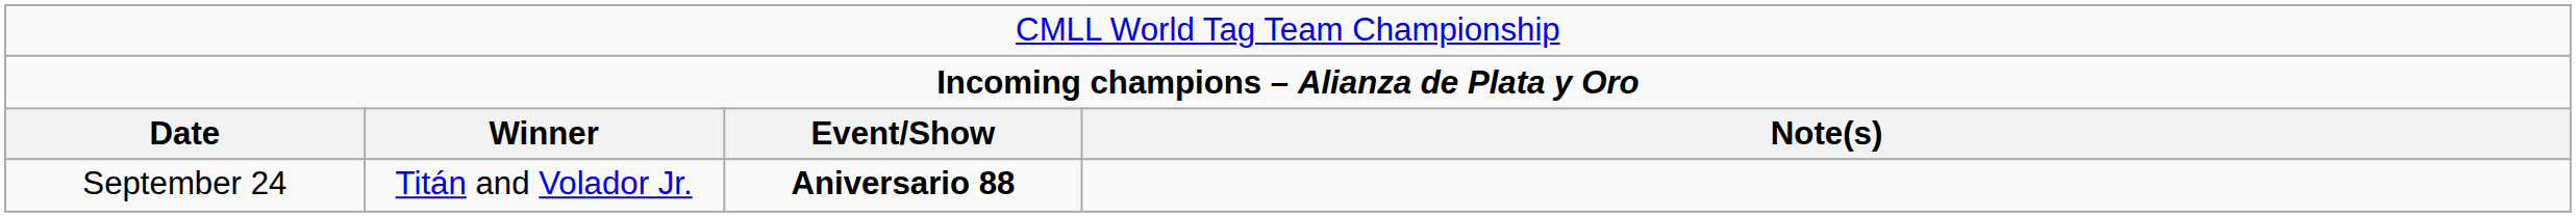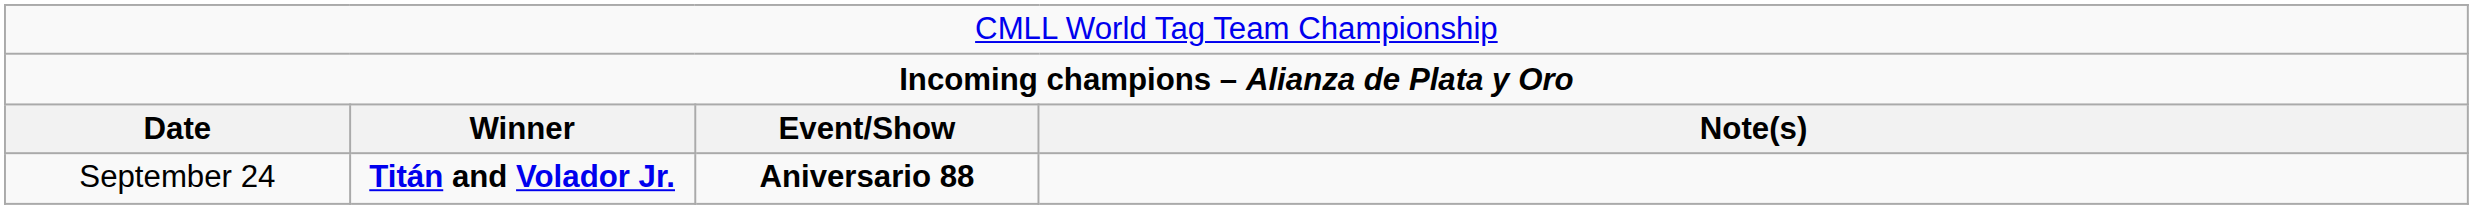 <table class="wikitable" style="text-align:center; width:100%;">
 <tr>
 <td colspan="4" style="text-align: center;"><a href='#'>CMLL World Tag Team Championship</a></td>
 </tr>
 <tr>
 <td colspan="4" style="text-align: center;"><strong>Incoming champions – <em>Alianza de Plata y Oro</em> </strong></td>
 </tr>
 <tr>
 <th width=14%>Date</th>
 <th width=14%>Winner</th>
 <th width=14%>Event/Show</th>
 <th width=58%>Note(s)</th>
 </tr>
 <tr>
 <td>September 24</td>
-<td><a href='#'>Titán</a> and <a href='#'>Volador Jr.</a></td>
+<td><strong><a href='#'>Titán</a> and <a href='#'>Volador Jr.</a></strong></td>
 <td><strong>Aniversario 88</strong></td>
 <td></td>
 </tr>
 </table>
